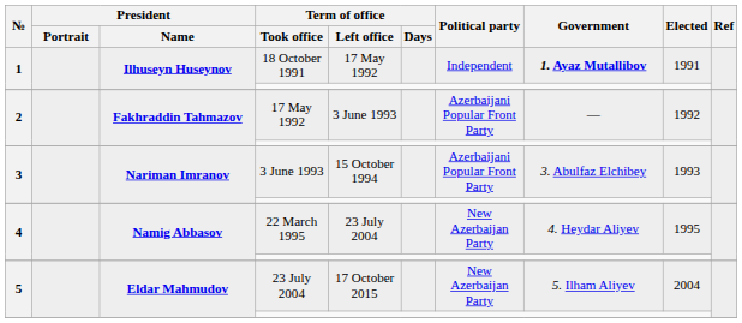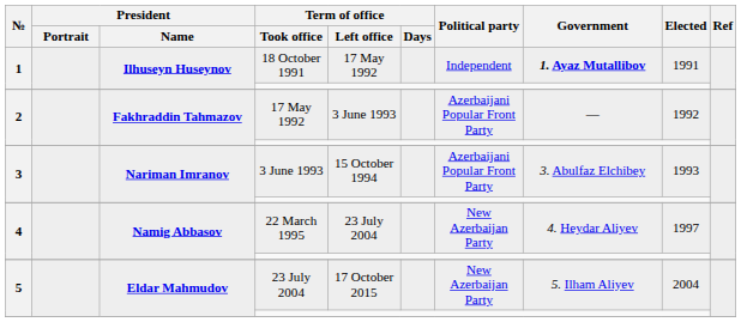 <table class="wikitable"  style="text-align:center"  width="100%">
 <tr>
 <th rowspan=2 style="width:25px;">№</th>
 <th colspan=2 style="width:280px;">President</th>
 <th colspan=3>Term of office</th>
 <th style="width:100px;" rowspan="2">Political party</th>
 <th style="width:160px;" rowspan="2">Government</th>
 <th rowspan=2>Elected</th>
 <th rowspan=2 style="width:20px;">Ref</th>
 </tr>
 <tr>
 <th>Portrait</th>
 <th width=180px>Name</th>
 <th>Took office</th>
 <th>Left office</th>
 <th>Days</th>
 </tr>
 <tr bgcolor=#EEEEEE>
 <th rowspan=2 style="background:">1</th>
 <td rowspan=2></td>
 <td rowspan=2><strong><a href='#'>Ilhuseyn Huseynov</a></strong><br></td>
 <td>18 October 1991</td>
 <td>17 May 1992</td>
 <td></td>
 <td style="background:"><a href='#'><span>Independent<br></span></a></td>
 <td><strong><em>1.</em> <a href='#'>Ayaz Mutallibov</a></strong></td>
 <td>1991</td>
 <td rowspan=2></td>
 </tr>
 <tr>
 <td colspan=6 align=left></td>
 </tr>
 <tr bgcolor=#EEEEEE>
 </tr>
 <tr>
 </tr>
 <tr bgcolor=#EEEEEE>
 <th rowspan=2 style="background:">2</th>
 <td rowspan=2></td>
 <td rowspan=2><strong><a href='#'>Fakhraddin Tahmazov</a></strong><br></td>
 <td>17 May 1992</td>
 <td>3 June 1993</td>
 <td></td>
 <td style="background:"><a href='#'><span>Azerbaijani Popular Front Party<br></span></a></td>
 <td>—</td>
 <td>1992</td>
 <td rowspan=2></td>
 </tr>
 <tr>
 <td colspan=6 align=left></td>
 </tr>
 <tr bgcolor=#EEEEEE>
 </tr>
 <tr>
 </tr>
 <tr bgcolor=#EEEEEE>
 <th rowspan=2 style="background:">3</th>
 <td rowspan=2></td>
 <td rowspan=2><strong><a href='#'>Nariman Imranov</a></strong><br></td>
 <td>3 June 1993</td>
 <td>15 October 1994</td>
 <td></td>
 <td style="background:"><a href='#'><span>Azerbaijani Popular Front Party<br></span></a></td>
 <td><em>3.</em> <a href='#'>Abulfaz Elchibey</a></td>
 <td>1993</td>
 <td rowspan=2></td>
 </tr>
 <tr>
 <td colspan=6 align=left></td>
 </tr>
 <tr bgcolor=#EEEEEE>
 </tr>
 <tr>
 </tr>
 <tr bgcolor=#EEEEEE>
 <th rowspan=2 style="background:">4</th>
 <td rowspan=2></td>
 <td rowspan=2><strong><a href='#'>Namig Abbasov</a></strong><br></td>
 <td>22 March 1995</td>
 <td>23 July 2004</td>
 <td></td>
 <td style="background:"><a href='#'><span>New Azerbaijan Party<br></span></a></td>
 <td><em>4.</em> <a href='#'>Heydar Aliyev</a></td>
-<td>1995</td>
+<td>1997</td>
 <td rowspan=2></td>
 </tr>
 <tr>
 <td colspan=6 align=left></td>
 </tr>
 <tr bgcolor=#EEEEEE>
 </tr>
 <tr>
 </tr>
 <tr bgcolor=#EEEEEE>
 <th rowspan=2 style="background:">5</th>
 <td rowspan=2></td>
 <td rowspan=2><strong><a href='#'>Eldar Mahmudov</a></strong><br></td>
 <td>23 July 2004</td>
 <td>17 October 2015</td>
 <td></td>
 <td style="background:"><a href='#'><span>New Azerbaijan Party<br></span></a></td>
 <td><em>5.</em> <a href='#'>Ilham Aliyev</a></td>
 <td>2004</td>
 <td rowspan=2></td>
 </tr>
 <tr>
 <td colspan=6 align=left></td>
 </tr>
 <tr bgcolor=#EEEEEE>
 </tr>
 <tr>
 </tr>
 </table>
